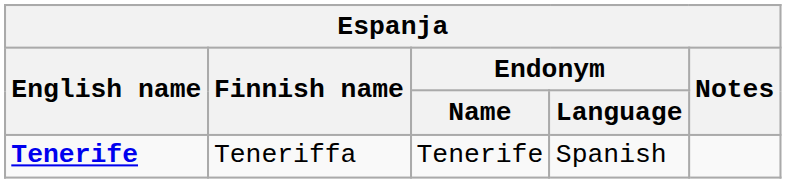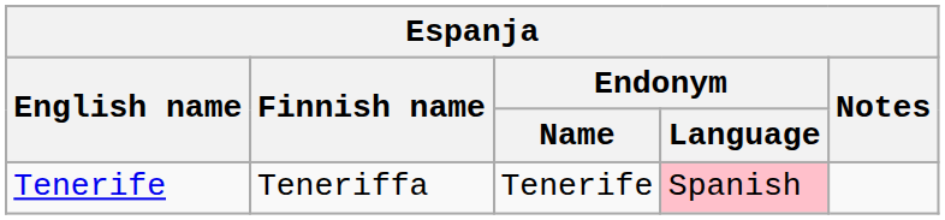 <table class="wikitable sortable">
 <tr>
 <th colspan="5"> Espanja</th>
 </tr>
 <tr>
 <th rowspan="2">English name</th>
 <th rowspan="2">Finnish name</th>
 <th colspan="2">Endonym</th>
 <th rowspan="2">Notes</th>
 </tr>
 <tr>
 <th>Name</th>
 <th>Language</th>
 </tr>
 <tr>
-<td><strong><a href='#'>Tenerife</a></strong></td>
+<td><a href='#'>Tenerife</a></td>
 <td>Teneriffa</td>
 <td>Tenerife</td>
-<td>Spanish</td>
+<td style="background: pink;">Spanish</td>
 <td></td>
 </tr>
 </table>
